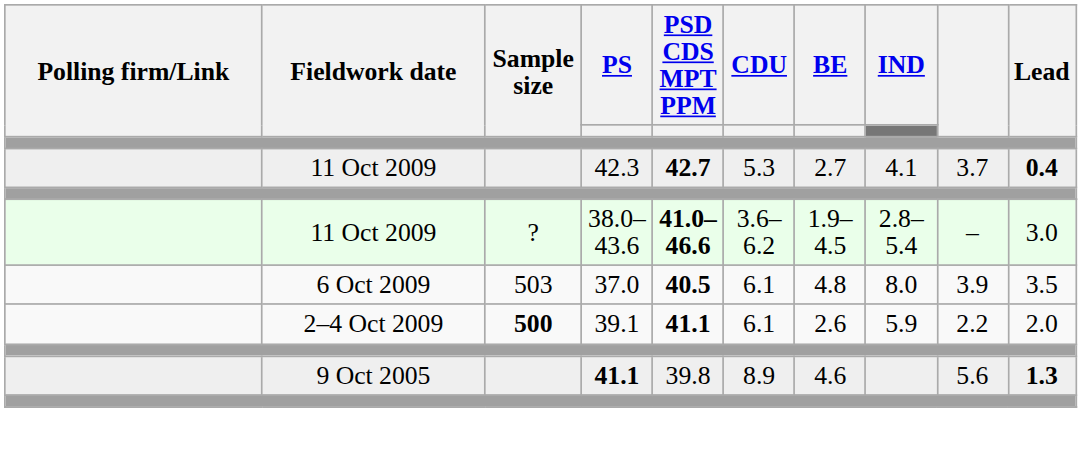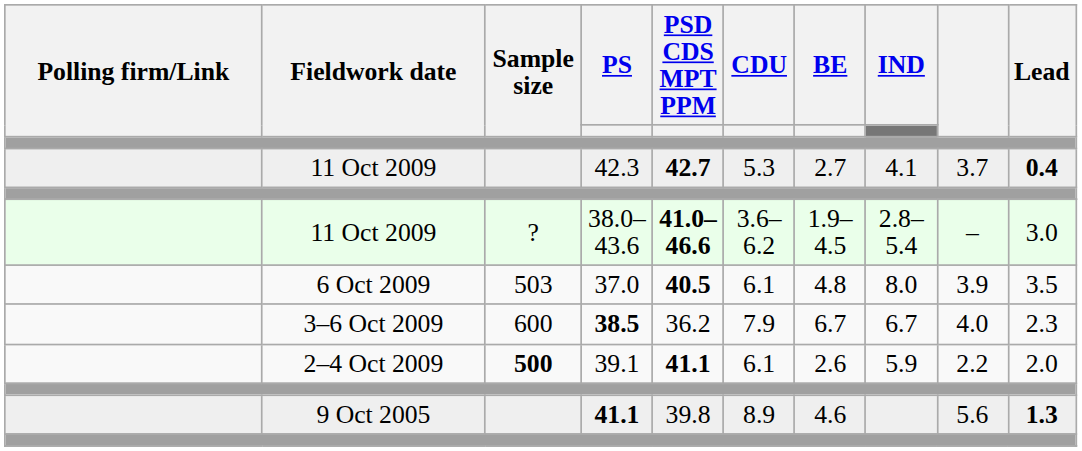 <table class="wikitable collapsible sortable" style="text-align:center; font-size:95%; line-height:16px;">
 <tr style="height:42px;">
 <th style="width:145px;" rowspan="2">Polling firm/Link</th>
 <th style="width:125px;" rowspan="2">Fieldwork date</th>
 <th class="unsortable" style="width:50px;" rowspan="2">Sample size</th>
 <th class="unsortable" style="width:35px;"><a href='#'>PS</a></th>
 <th class="unsortable" style="width:35px;"><a href='#'>PSD</a><br><a href='#'>CDS</a><br><a href='#'>MPT</a><br><a href='#'>PPM</a></th>
 <th class="unsortable" style="width:35px;"><a href='#'>CDU</a></th>
 <th class="unsortable" style="width:35px;"><a href='#'>BE</a></th>
 <th class="unsortable" style="width:35px;"><a href='#'>IND</a></th>
 <th class="unsortable" style="width:35px;" rowspan="2"></th>
 <th class="unsortable" style="width:30px;" rowspan="2">Lead</th>
 </tr>
 <tr>
 <th class="unsortable" style="color:inherit;background:"></th>
 <th class="unsortable" style="color:inherit;background:"></th>
 <th class="unsortable" style="color:inherit;background:"></th>
 <th class="unsortable" style="color:inherit;background:"></th>
 <th class="unsortable" style="color:inherit;background:#777777;"></th>
 </tr>
 <tr>
 <td colspan="10" style="background:#A0A0A0"></td>
 </tr>
 <tr style="background:#EFEFEF;">
 <td><strong></strong></td>
 <td data-sort-value="2019-10-06">11 Oct 2009</td>
 <td></td>
 <td>42.3<br></td>
 <td><strong>42.7</strong><br></td>
 <td>5.3<br></td>
 <td>2.7<br></td>
 <td>4.1<br></td>
 <td>3.7</td>
 <td style="background:"><strong>0.4</strong></td>
 </tr>
 <tr>
 <td colspan="10" style="background:#A0A0A0"></td>
 </tr>
 <tr>
 </tr>
 <tr style="background:#EAFFEA"|>
 <td></td>
 <td data-sort-value="2019-10-06">11 Oct 2009</td>
 <td>?</td>
 <td>38.0–<br>43.6</td>
 <td><strong>41.0–<br>46.6</strong></td>
 <td>3.6–<br>6.2</td>
 <td>1.9–<br>4.5</td>
 <td>2.8–<br>5.4</td>
 <td>–</td>
 <td style="background:">3.0</td>
 </tr>
 <tr>
 <td align="center"></td>
 <td align="center">6 Oct 2009</td>
 <td>503</td>
 <td align="center">37.0</td>
 <td align="center" ><strong>40.5</strong></td>
 <td align="center">6.1</td>
 <td align="center">4.8</td>
 <td align="center">8.0</td>
 <td align="center">3.9</td>
 <td style="background:">3.5</td>
 </tr>
 <tr>
 <td align="center"></td>
+<td align="center">3–6 Oct 2009</td>
+<td>600</td>
+<td align="center" ><strong>38.5</strong></td>
+<td align="center">36.2</td>
+<td align="center">7.9</td>
+<td align="center">6.7</td>
+<td align="center">6.7</td>
+<td align="center">4.0</td>
+<td style="background:">2.3</td>
+</tr>
+<tr>
+<td align="center"></td>
 <td align="center">2–4 Oct 2009</td>
 <td><strong>500</strong></td>
 <td align="center">39.1</td>
 <td align="center" ><strong>41.1</strong></td>
 <td align="center">6.1</td>
 <td align="center">2.6</td>
 <td align="center">5.9</td>
 <td align="center">2.2</td>
 <td style="background:">2.0</td>
 </tr>
 <tr>
 <td colspan="10" style="background:#A0A0A0"></td>
 </tr>
 <tr style="background:#EFEFEF;">
 <td><strong></strong></td>
 <td data-sort-value="2019-10-06">9 Oct 2005</td>
 <td></td>
 <td><strong>41.1</strong><br></td>
 <td>39.8<br></td>
 <td>8.9<br></td>
 <td>4.6<br></td>
 <td></td>
 <td>5.6<br></td>
 <td style="background:"><strong>1.3</strong></td>
 </tr>
 <tr>
 <td colspan="10" style="background:#A0A0A0"></td>
 </tr>
 <tr>
 </tr>
 </table>
